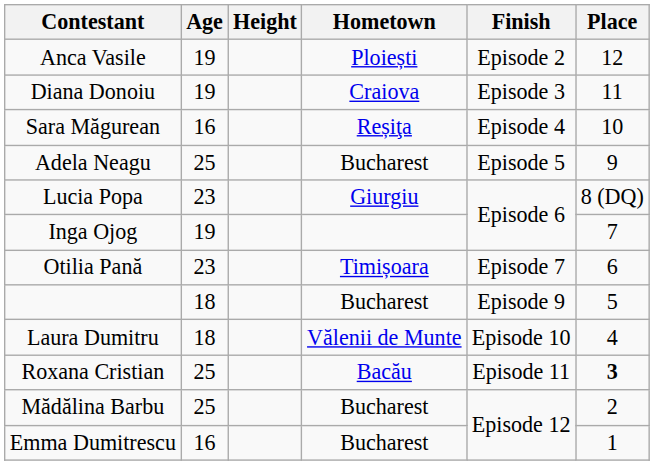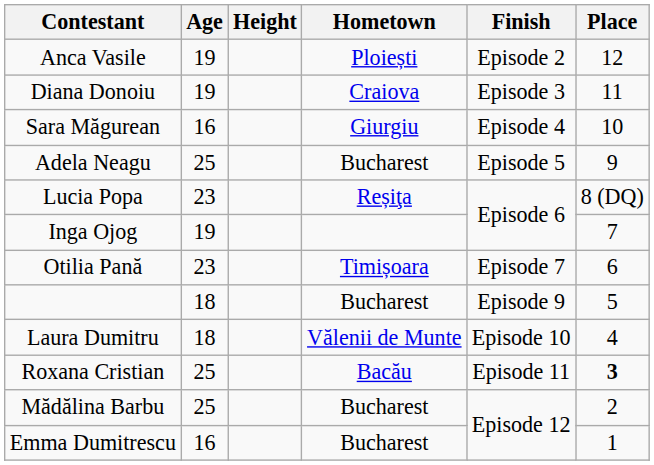 <table class="wikitable sortable" style="text-align:center;">
 <tr>
 <th>Contestant</th>
 <th>Age</th>
 <th>Height</th>
 <th>Hometown</th>
 <th>Finish</th>
 <th>Place</th>
 </tr>
 <tr>
 <td>Anca Vasile</td>
 <td>19</td>
 <td></td>
 <td><a href='#'>Ploiești</a></td>
 <td>Episode 2</td>
 <td>12</td>
 </tr>
 <tr>
 <td>Diana Donoiu</td>
 <td>19</td>
 <td></td>
 <td><a href='#'>Craiova</a></td>
 <td>Episode 3</td>
 <td>11</td>
 </tr>
 <tr>
 <td>Sara Măgurean</td>
 <td>16</td>
 <td></td>
-<td><a href='#'>Reșiţa</a></td>
+<td><a href='#'>Giurgiu</a></td>
 <td>Episode 4</td>
 <td>10</td>
 </tr>
 <tr>
 <td>Adela Neagu</td>
 <td>25</td>
 <td></td>
 <td>Bucharest</td>
 <td>Episode 5</td>
 <td>9</td>
 </tr>
 <tr>
 <td>Lucia Popa</td>
 <td>23</td>
 <td></td>
-<td><a href='#'>Giurgiu</a></td>
+<td><a href='#'>Reșiţa</a></td>
 <td rowspan="2">Episode 6</td>
 <td>8 (DQ)</td>
 </tr>
 <tr>
 <td>Inga Ojog</td>
 <td>19</td>
 <td></td>
 <td></td>
 <td>7</td>
 </tr>
 <tr>
 <td>Otilia Pană</td>
 <td>23</td>
 <td></td>
 <td><a href='#'>Timișoara</a></td>
 <td>Episode 7</td>
 <td>6</td>
 </tr>
 <tr>
 <td></td>
 <td>18</td>
 <td></td>
 <td>Bucharest</td>
 <td>Episode 9</td>
 <td>5</td>
 </tr>
 <tr>
 <td>Laura Dumitru</td>
 <td>18</td>
 <td></td>
 <td><a href='#'>Vălenii de Munte</a></td>
 <td>Episode 10</td>
 <td>4</td>
 </tr>
 <tr>
 <td>Roxana Cristian</td>
 <td>25</td>
 <td></td>
 <td><a href='#'>Bacău</a></td>
 <td>Episode 11</td>
 <td><strong>3</strong></td>
 </tr>
 <tr>
 <td>Mădălina Barbu</td>
 <td>25</td>
 <td></td>
 <td>Bucharest</td>
 <td rowspan="2">Episode 12</td>
 <td>2</td>
 </tr>
 <tr>
 <td>Emma Dumitrescu</td>
 <td>16</td>
 <td></td>
 <td>Bucharest</td>
 <td>1</td>
 </tr>
 </table>
